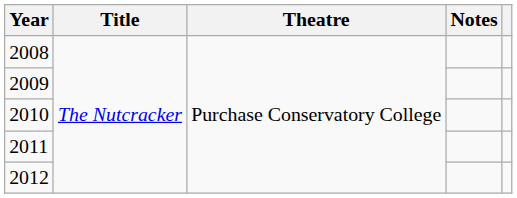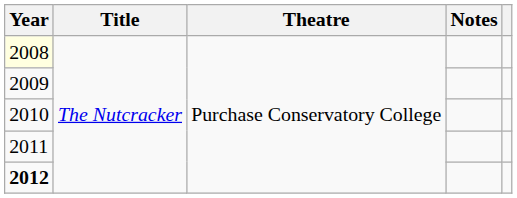 <table class="wikitable">
 <tr>
 <th>Year</th>
 <th>Title</th>
 <th>Theatre</th>
 <th>Notes</th>
 <th></th>
 </tr>
 <tr>
-<td>2008</td>
+<td style="background: lightyellow;">2008</td>
 <td rowspan="5"><em><a href='#'>The Nutcracker</a></em></td>
 <td rowspan="5">Purchase Conservatory College</td>
 <td></td>
 <td></td>
 </tr>
 <tr>
 <td>2009</td>
 <td></td>
 <td></td>
 </tr>
 <tr>
 <td>2010</td>
 <td></td>
 <td></td>
 </tr>
 <tr>
 <td>2011</td>
 <td></td>
 <td></td>
 </tr>
 <tr>
-<td>2012</td>
+<td><strong>2012</strong></td>
 <td></td>
 <td></td>
 </tr>
 </table>
